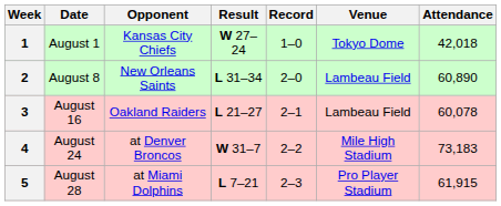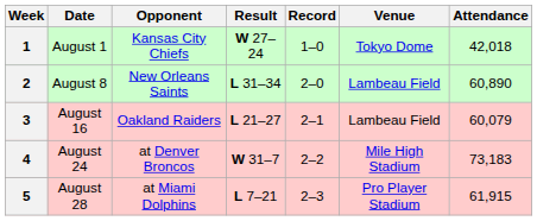 <table class="wikitable" style="text-align:center">
 <tr>
 <th>Week</th>
 <th>Date</th>
 <th>Opponent</th>
 <th>Result</th>
 <th>Record</th>
 <th>Venue</th>
 <th>Attendance</th>
 </tr>
 <tr style="background:#cfc">
 <th>1</th>
 <td>August 1</td>
 <td><a href='#'>Kansas City Chiefs</a></td>
 <td><strong>W</strong> 27–24</td>
 <td>1–0</td>
 <td><a href='#'>Tokyo Dome</a></td>
 <td>42,018</td>
 </tr>
 <tr style="background:#cfc">
 <th>2</th>
 <td>August 8</td>
 <td><a href='#'>New Orleans Saints</a></td>
 <td><strong>L</strong> 31–34</td>
 <td>2–0</td>
 <td><a href='#'>Lambeau Field</a></td>
 <td>60,890</td>
 </tr>
 <tr style="background:#fcc">
 <th>3</th>
 <td>August 16</td>
 <td><a href='#'>Oakland Raiders</a></td>
 <td><strong>L</strong> 21–27</td>
 <td>2–1</td>
 <td>Lambeau Field</td>
-<td>60,078</td>
+<td>60,079</td>
 </tr>
 <tr style="background:#fcc">
 <th>4</th>
 <td>August 24</td>
 <td>at <a href='#'>Denver Broncos</a></td>
 <td><strong>W</strong> 31–7</td>
 <td>2–2</td>
 <td><a href='#'>Mile High Stadium</a></td>
 <td>73,183</td>
 </tr>
 <tr style="background:#fcc">
 <th>5</th>
 <td>August 28</td>
 <td>at <a href='#'>Miami Dolphins</a></td>
 <td><strong>L</strong> 7–21</td>
 <td>2–3</td>
 <td><a href='#'>Pro Player Stadium</a></td>
 <td>61,915</td>
 </tr>
 </table>
